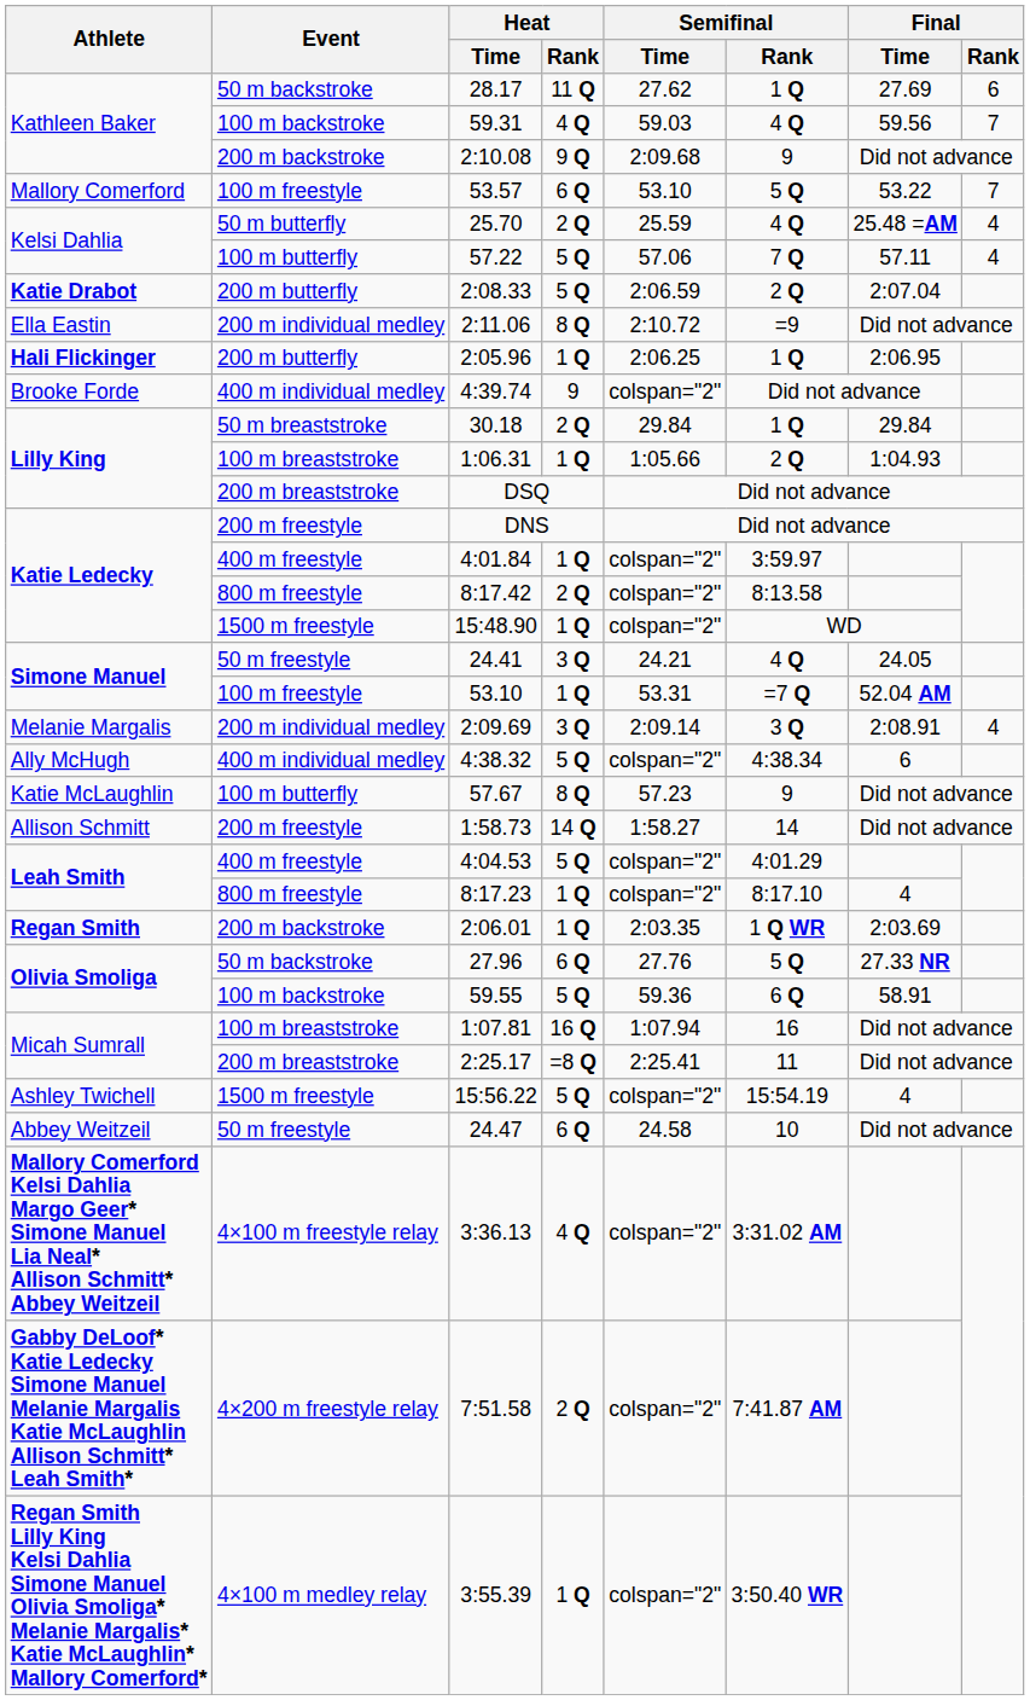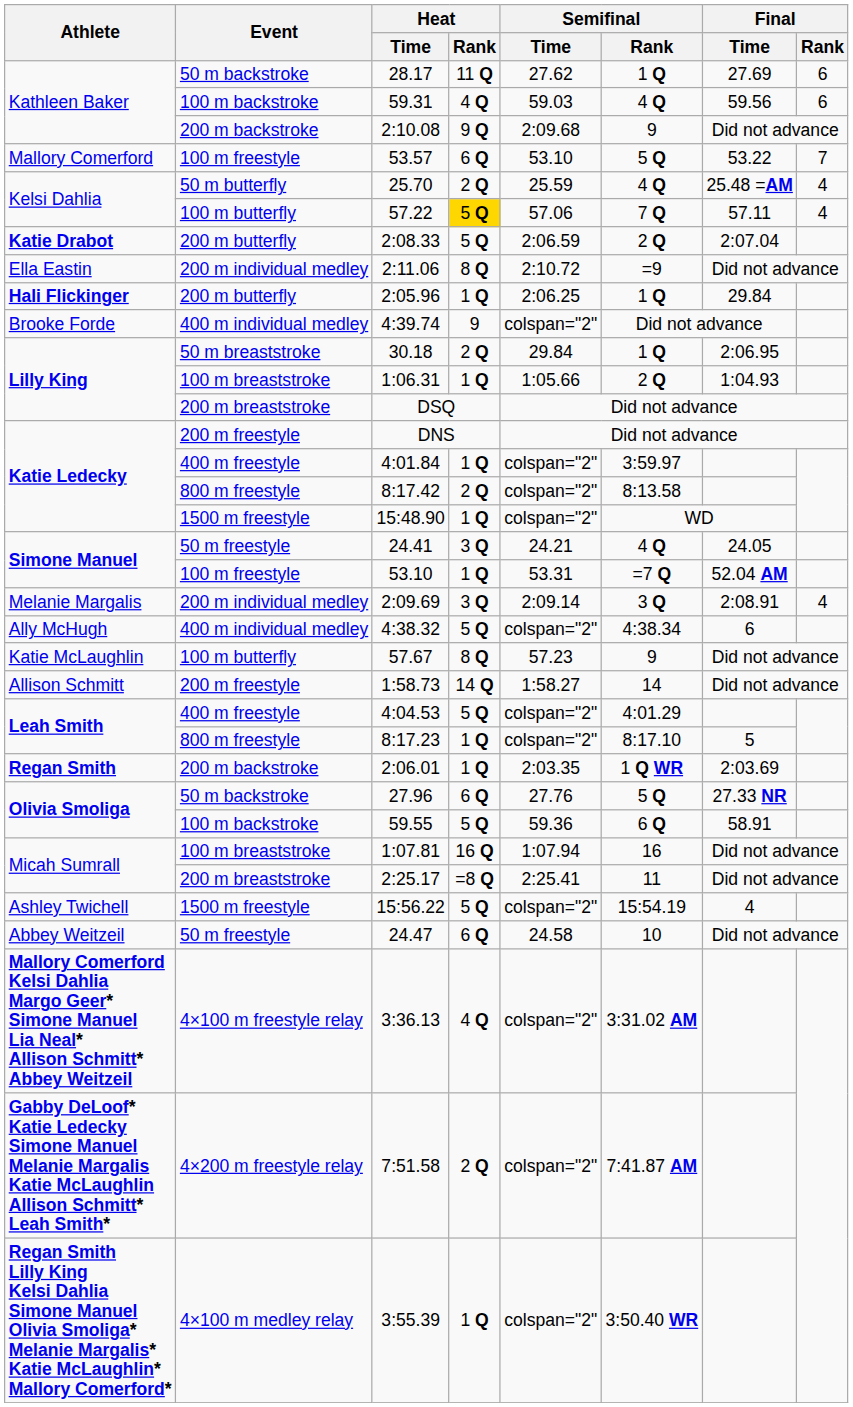 <table class="wikitable" style="font-size:90%;">
 <tr>
 <th rowspan="2">Athlete</th>
 <th rowspan="2">Event</th>
 <th colspan="2">Heat</th>
 <th colspan="2">Semifinal</th>
 <th colspan="2">Final</th>
 </tr>
 <tr>
 <th>Time</th>
 <th>Rank</th>
 <th>Time</th>
 <th>Rank</th>
 <th>Time</th>
 <th>Rank</th>
 </tr>
 <tr align="center">
 <td rowspan="3" align="left"><a href='#'>Kathleen Baker</a></td>
 <td align="left"><a href='#'>50 m backstroke</a></td>
 <td>28.17</td>
 <td>11 <strong>Q</strong></td>
 <td>27.62</td>
 <td>1 <strong>Q</strong></td>
 <td>27.69</td>
 <td>6</td>
 </tr>
 <tr align="center">
 <td align="left"><a href='#'>100 m backstroke</a></td>
 <td>59.31</td>
 <td>4 <strong>Q</strong></td>
 <td>59.03</td>
 <td>4 <strong>Q</strong></td>
 <td>59.56</td>
-<td>7</td>
+<td>6</td>
 </tr>
 <tr align="center">
 <td align="left"><a href='#'>200 m backstroke</a></td>
 <td>2:10.08</td>
 <td>9 <strong>Q</strong></td>
 <td>2:09.68</td>
 <td>9</td>
 <td colspan="2">Did not advance</td>
 </tr>
 <tr align="center">
 <td align="left"><a href='#'>Mallory Comerford</a></td>
 <td align="left"><a href='#'>100 m freestyle</a></td>
 <td>53.57</td>
 <td>6 <strong>Q</strong></td>
 <td>53.10</td>
 <td>5 <strong>Q</strong></td>
 <td>53.22</td>
 <td>7</td>
 </tr>
 <tr align="center">
 <td rowspan="2" align="left"><a href='#'>Kelsi Dahlia</a></td>
 <td align="left"><a href='#'>50 m butterfly</a></td>
 <td>25.70</td>
 <td>2 <strong>Q</strong></td>
 <td>25.59</td>
 <td>4 <strong>Q</strong></td>
 <td>25.48 =<strong><a href='#'>AM</a></strong></td>
 <td>4</td>
 </tr>
 <tr align="center">
 <td align="left"><a href='#'>100 m butterfly</a></td>
 <td>57.22</td>
-<td>5 <strong>Q</strong></td>
+<td style="background: gold;">5 <strong>Q</strong></td>
 <td>57.06</td>
 <td>7 <strong>Q</strong></td>
 <td>57.11</td>
 <td>4</td>
 </tr>
 <tr align="center">
 <td align="left"><strong><a href='#'>Katie Drabot</a></strong></td>
 <td align="left"><a href='#'>200 m butterfly</a></td>
 <td>2:08.33</td>
 <td>5 <strong>Q</strong></td>
 <td>2:06.59</td>
 <td>2 <strong>Q</strong></td>
 <td>2:07.04</td>
 <td></td>
 </tr>
 <tr align="center">
 <td align="left"><a href='#'>Ella Eastin</a></td>
 <td align="left"><a href='#'>200 m individual medley</a></td>
 <td>2:11.06</td>
 <td>8 <strong>Q</strong></td>
 <td>2:10.72</td>
 <td>=9</td>
 <td colspan="2">Did not advance</td>
 </tr>
 <tr align="center">
 <td align="left"><strong><a href='#'>Hali Flickinger</a></strong></td>
 <td align="left"><a href='#'>200 m butterfly</a></td>
 <td>2:05.96</td>
 <td>1 <strong>Q</strong></td>
 <td>2:06.25</td>
 <td>1 <strong>Q</strong></td>
-<td>2:06.95</td>
+<td>29.84</td>
 <td></td>
 </tr>
 <tr align="center">
 <td align="left"><a href='#'>Brooke Forde</a></td>
 <td align="left"><a href='#'>400 m individual medley</a></td>
 <td>4:39.74</td>
 <td>9</td>
 <td>colspan="2" </td>
 <td colspan="2">Did not advance</td>
 </tr>
 <tr align="center">
 <td rowspan="3" align="left"><strong><a href='#'>Lilly King</a></strong></td>
 <td align="left"><a href='#'>50 m breaststroke</a></td>
 <td>30.18</td>
 <td>2 <strong>Q</strong></td>
 <td>29.84</td>
 <td>1 <strong>Q</strong></td>
-<td>29.84</td>
+<td>2:06.95</td>
 <td></td>
 </tr>
 <tr align="center">
 <td align="left"><a href='#'>100 m breaststroke</a></td>
 <td>1:06.31</td>
 <td>1 <strong>Q</strong></td>
 <td>1:05.66</td>
 <td>2 <strong>Q</strong></td>
 <td>1:04.93</td>
 <td></td>
 </tr>
 <tr align="center">
 <td align="left"><a href='#'>200 m breaststroke</a></td>
 <td colspan="2">DSQ</td>
 <td colspan="4">Did not advance</td>
 </tr>
 <tr align="center">
 <td rowspan="4" align="left"><strong><a href='#'>Katie Ledecky</a></strong></td>
 <td align="left"><a href='#'>200 m freestyle</a></td>
 <td colspan="2">DNS</td>
 <td colspan="4">Did not advance</td>
 </tr>
 <tr align="center">
 <td align="left"><a href='#'>400 m freestyle</a></td>
 <td>4:01.84</td>
 <td>1 <strong>Q</strong></td>
 <td>colspan="2" </td>
 <td>3:59.97</td>
 <td></td>
 </tr>
 <tr align="center">
 <td align="left"><a href='#'>800 m freestyle</a></td>
 <td>8:17.42</td>
 <td>2 <strong>Q</strong></td>
 <td>colspan="2" </td>
 <td>8:13.58</td>
 <td></td>
 </tr>
 <tr align="center">
 <td align="left"><a href='#'>1500 m freestyle</a></td>
 <td>15:48.90</td>
 <td>1 <strong>Q</strong></td>
 <td>colspan="2" </td>
 <td colspan="2">WD</td>
 </tr>
 <tr align="center">
 <td rowspan="2" align="left"><strong><a href='#'>Simone Manuel</a></strong></td>
 <td align="left"><a href='#'>50 m freestyle</a></td>
 <td>24.41</td>
 <td>3 <strong>Q</strong></td>
 <td>24.21</td>
 <td>4 <strong>Q</strong></td>
 <td>24.05</td>
 <td></td>
 </tr>
 <tr align="center">
 <td align="left"><a href='#'>100 m freestyle</a></td>
 <td>53.10</td>
 <td>1 <strong>Q</strong></td>
 <td>53.31</td>
 <td>=7 <strong>Q</strong></td>
 <td>52.04 <strong><a href='#'>AM</a></strong></td>
 <td></td>
 </tr>
 <tr align="center">
 <td align="left"><a href='#'>Melanie Margalis</a></td>
 <td align="left"><a href='#'>200 m individual medley</a></td>
 <td>2:09.69</td>
 <td>3 <strong>Q</strong></td>
 <td>2:09.14</td>
 <td>3 <strong>Q</strong></td>
 <td>2:08.91</td>
 <td>4</td>
 </tr>
 <tr align="center">
 <td align="left"><a href='#'>Ally McHugh</a></td>
 <td align="left"><a href='#'>400 m individual medley</a></td>
 <td>4:38.32</td>
 <td>5 <strong>Q</strong></td>
 <td>colspan="2" </td>
 <td>4:38.34</td>
 <td>6</td>
 </tr>
 <tr align="center">
 <td align="left"><a href='#'>Katie McLaughlin</a></td>
 <td align="left"><a href='#'>100 m butterfly</a></td>
 <td>57.67</td>
 <td>8 <strong>Q</strong></td>
 <td>57.23</td>
 <td>9</td>
 <td colspan="2">Did not advance</td>
 </tr>
 <tr align="center">
 <td align="left"><a href='#'>Allison Schmitt</a></td>
 <td align="left"><a href='#'>200 m freestyle</a></td>
 <td>1:58.73</td>
 <td>14 <strong>Q</strong></td>
 <td>1:58.27</td>
 <td>14</td>
 <td colspan="2">Did not advance</td>
 </tr>
 <tr align="center">
 <td rowspan="2" align="left"><a href='#'><strong>Leah Smith</strong></a></td>
 <td align="left"><a href='#'>400 m freestyle</a></td>
 <td>4:04.53</td>
 <td>5 <strong>Q</strong></td>
 <td>colspan="2" </td>
 <td>4:01.29</td>
 <td></td>
 </tr>
 <tr align="center">
 <td align="left"><a href='#'>800 m freestyle</a></td>
 <td>8:17.23</td>
 <td>1 <strong>Q</strong></td>
 <td>colspan="2" </td>
 <td>8:17.10</td>
-<td>4</td>
+<td>5</td>
 </tr>
 <tr align="center">
 <td align="left"><a href='#'><strong>Regan Smith</strong></a></td>
 <td align="left"><a href='#'>200 m backstroke</a></td>
 <td>2:06.01</td>
 <td>1 <strong>Q</strong></td>
 <td>2:03.35</td>
 <td>1 <strong>Q <a href='#'>WR</a></strong></td>
 <td>2:03.69</td>
 <td></td>
 </tr>
 <tr align="center">
 <td rowspan="2" align="left"><strong><a href='#'>Olivia Smoliga</a></strong></td>
 <td align="left"><a href='#'>50 m backstroke</a></td>
 <td>27.96</td>
 <td>6 <strong>Q</strong></td>
 <td>27.76</td>
 <td>5 <strong>Q</strong></td>
 <td>27.33 <a href='#'><strong>NR</strong></a></td>
 <td></td>
 </tr>
 <tr align="center">
 <td align="left"><a href='#'>100 m backstroke</a></td>
 <td>59.55</td>
 <td>5 <strong>Q</strong></td>
 <td>59.36</td>
 <td>6 <strong>Q</strong></td>
 <td>58.91</td>
 <td></td>
 </tr>
 <tr align="center">
 <td rowspan="2" align="left"><a href='#'>Micah Sumrall</a></td>
 <td align="left"><a href='#'>100 m breaststroke</a></td>
 <td>1:07.81</td>
 <td>16 <strong>Q</strong></td>
 <td>1:07.94</td>
 <td>16</td>
 <td colspan="2">Did not advance</td>
 </tr>
 <tr align="center">
 <td align="left"><a href='#'>200 m breaststroke</a></td>
 <td>2:25.17</td>
 <td>=8 <strong>Q</strong></td>
 <td>2:25.41</td>
 <td>11</td>
 <td colspan="2">Did not advance</td>
 </tr>
 <tr align="center">
 <td align="left"><a href='#'>Ashley Twichell</a></td>
 <td align="left"><a href='#'>1500 m freestyle</a></td>
 <td>15:56.22</td>
 <td>5 <strong>Q</strong></td>
 <td>colspan="2" </td>
 <td>15:54.19</td>
 <td>4</td>
 </tr>
 <tr align="center">
 <td align="left"><a href='#'>Abbey Weitzeil</a></td>
 <td align="left"><a href='#'>50 m freestyle</a></td>
 <td>24.47</td>
 <td>6 <strong>Q</strong></td>
 <td>24.58</td>
 <td>10</td>
 <td colspan="2">Did not advance</td>
 </tr>
 <tr align="center">
 <td align="left"><strong><a href='#'>Mallory Comerford</a><br><a href='#'>Kelsi Dahlia</a><br><a href='#'>Margo Geer</a>*<br><a href='#'>Simone Manuel</a><br><a href='#'>Lia Neal</a>*<br><a href='#'>Allison Schmitt</a>*<br><a href='#'>Abbey Weitzeil</a></strong></td>
 <td align="left"><a href='#'>4×100 m freestyle relay</a></td>
 <td>3:36.13</td>
 <td>4 <strong>Q</strong></td>
 <td>colspan="2" </td>
 <td>3:31.02 <strong><a href='#'>AM</a></strong></td>
 <td></td>
 </tr>
 <tr align="center">
 <td align="left"><strong><a href='#'>Gabby DeLoof</a>*<br><a href='#'>Katie Ledecky</a><br><a href='#'>Simone Manuel</a><br><a href='#'>Melanie Margalis</a><br><a href='#'>Katie McLaughlin</a><br><a href='#'>Allison Schmitt</a>*<br><a href='#'>Leah Smith</a>*</strong></td>
 <td align="left"><a href='#'>4×200 m freestyle relay</a></td>
 <td>7:51.58</td>
 <td>2 <strong>Q</strong></td>
 <td>colspan="2" </td>
 <td>7:41.87 <strong><a href='#'>AM</a></strong></td>
 <td></td>
 </tr>
 <tr align="center">
 <td align="left"><strong><a href='#'>Regan Smith</a> <br><a href='#'>Lilly King</a> <br><a href='#'>Kelsi Dahlia</a> <br><a href='#'>Simone Manuel</a><br><a href='#'>Olivia Smoliga</a>*<br><a href='#'>Melanie Margalis</a>*<br><a href='#'>Katie McLaughlin</a>*<br><a href='#'>Mallory Comerford</a>*</strong></td>
 <td align="left"><a href='#'>4×100 m medley relay</a></td>
 <td>3:55.39</td>
 <td>1 <strong>Q</strong></td>
 <td>colspan="2" </td>
 <td>3:50.40 <strong><a href='#'>WR</a></strong></td>
 <td></td>
 </tr>
 </table>
